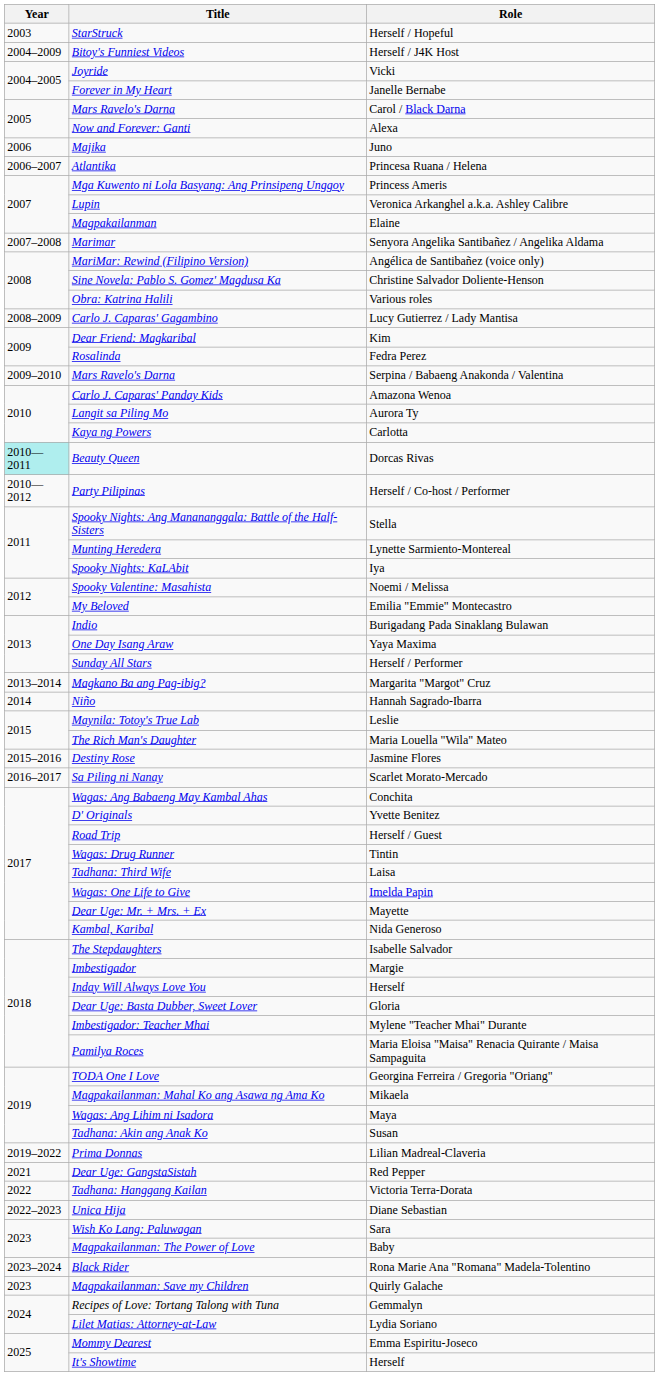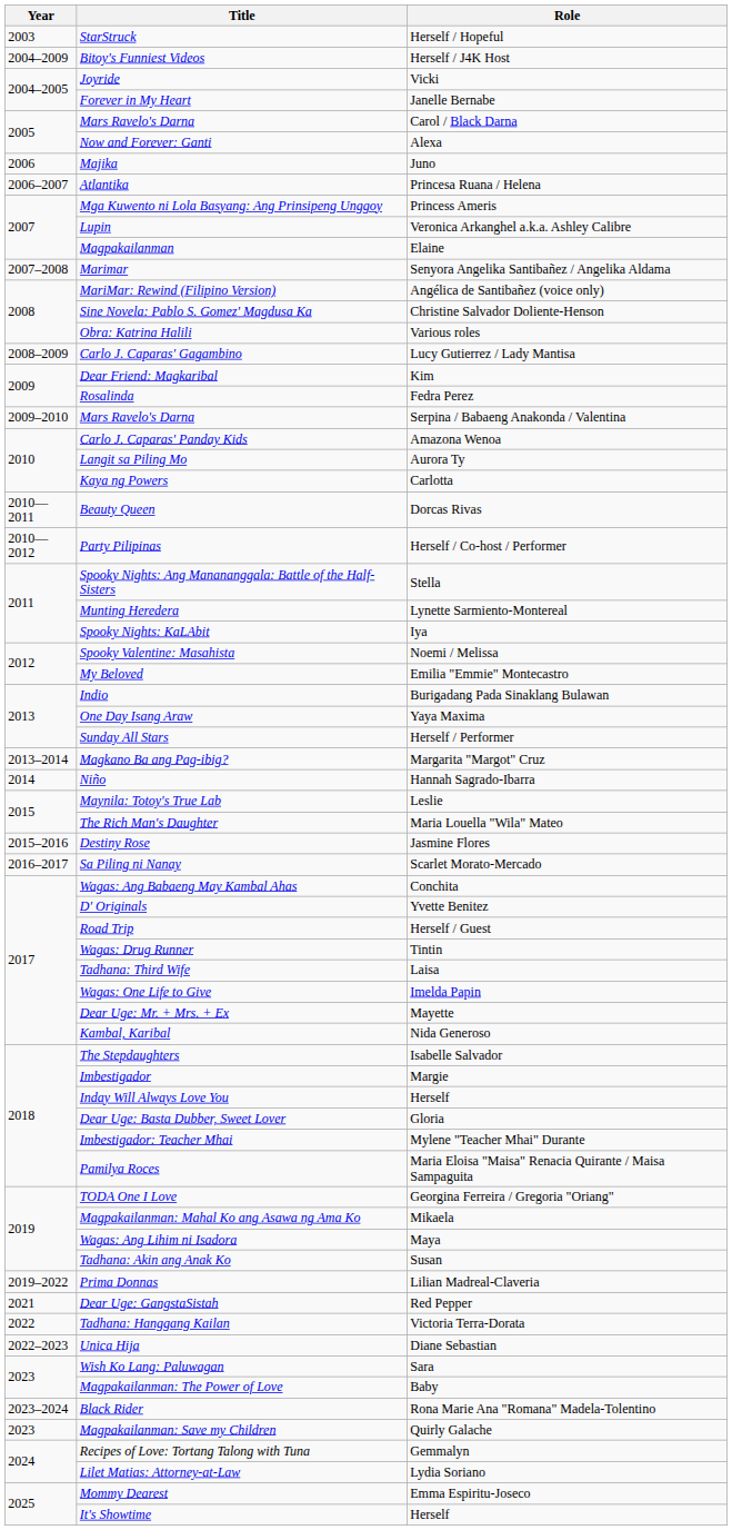 <table class="wikitable sortable">
 <tr>
 <th>Year</th>
 <th>Title</th>
 <th>Role</th>
 </tr>
 <tr>
 <td>2003</td>
 <td><em><a href='#'>StarStruck</a></em></td>
 <td>Herself / Hopeful</td>
 </tr>
 <tr>
 <td>2004–2009</td>
 <td><em><a href='#'>Bitoy's Funniest Videos</a></em></td>
 <td>Herself / J4K Host</td>
 </tr>
 <tr>
 <td rowspan="2">2004–2005</td>
 <td><em><a href='#'>Joyride</a></em></td>
 <td>Vicki</td>
 </tr>
 <tr>
 <td><em><a href='#'>Forever in My Heart</a></em></td>
 <td>Janelle Bernabe</td>
 </tr>
 <tr>
 <td rowspan="2">2005</td>
 <td><em><a href='#'>Mars Ravelo's Darna</a></em></td>
 <td>Carol / <a href='#'>Black Darna</a></td>
 </tr>
 <tr>
 <td><em><a href='#'>Now and Forever: Ganti</a></em></td>
 <td>Alexa</td>
 </tr>
 <tr>
 <td>2006</td>
 <td><em><a href='#'>Majika</a></em></td>
 <td>Juno</td>
 </tr>
 <tr>
 <td>2006–2007</td>
 <td><em><a href='#'>Atlantika</a></em></td>
 <td>Princesa Ruana / Helena</td>
 </tr>
 <tr>
 <td rowspan="3">2007</td>
 <td><a href='#'><em>Mga Kuwento ni Lola Basyang: Ang Prinsipeng Unggoy</em></a></td>
 <td>Princess Ameris</td>
 </tr>
 <tr>
 <td><em><a href='#'>Lupin</a></em></td>
 <td>Veronica Arkanghel a.k.a. Ashley Calibre</td>
 </tr>
 <tr>
 <td><em><a href='#'>Magpakailanman</a></em></td>
 <td>Elaine</td>
 </tr>
 <tr>
 <td>2007–2008</td>
 <td><em><a href='#'>Marimar</a></em></td>
 <td>Senyora Angelika Santibañez / Angelika Aldama</td>
 </tr>
 <tr>
 <td rowspan="3">2008</td>
 <td><a href='#'><em>MariMar: Rewind (Filipino Version)</em></a></td>
 <td>Angélica de Santibañez (voice only) </td>
 </tr>
 <tr>
 <td><em><a href='#'>Sine Novela: Pablo S. Gomez' Magdusa Ka</a></em></td>
 <td>Christine Salvador Doliente-Henson</td>
 </tr>
 <tr>
 <td><a href='#'><em>Obra: Katrina Halili</em></a></td>
 <td>Various roles</td>
 </tr>
 <tr>
 <td>2008–2009</td>
 <td><em><a href='#'>Carlo J. Caparas' Gagambino</a></em></td>
 <td>Lucy Gutierrez / Lady Mantisa</td>
 </tr>
 <tr>
 <td rowspan="2">2009</td>
 <td><a href='#'><em>Dear Friend: Magkaribal</em></a></td>
 <td>Kim</td>
 </tr>
 <tr>
 <td><em><a href='#'>Rosalinda</a></em></td>
 <td>Fedra Perez</td>
 </tr>
 <tr>
 <td>2009–2010</td>
 <td><em><a href='#'>Mars Ravelo's Darna</a></em></td>
 <td>Serpina / Babaeng Anakonda / Valentina</td>
 </tr>
 <tr>
 <td rowspan="3">2010</td>
 <td><em><a href='#'>Carlo J. Caparas' Panday Kids</a></em></td>
 <td>Amazona Wenoa</td>
 </tr>
 <tr>
 <td><em><a href='#'>Langit sa Piling Mo</a></em></td>
 <td>Aurora Ty</td>
 </tr>
 <tr>
 <td><em><a href='#'>Kaya ng Powers</a></em></td>
 <td>Carlotta</td>
 </tr>
 <tr>
-<td style="background: paleturquoise;">2010—2011</td>
+<td>2010—2011</td>
 <td><em><a href='#'>Beauty Queen</a></em></td>
 <td>Dorcas Rivas</td>
 </tr>
 <tr>
 <td>2010—2012</td>
 <td><em><a href='#'>Party Pilipinas</a></em></td>
 <td>Herself / Co-host / Performer</td>
 </tr>
 <tr>
 <td rowspan="3">2011</td>
 <td><a href='#'><em>Spooky Nights: Ang Manananggala: Battle of the Half-Sisters</em></a></td>
 <td>Stella</td>
 </tr>
 <tr>
 <td><em><a href='#'>Munting Heredera</a></em></td>
 <td>Lynette Sarmiento-Montereal</td>
 </tr>
 <tr>
 <td><a href='#'><em>Spooky Nights: KaLAbit</em></a></td>
 <td>Iya</td>
 </tr>
 <tr>
 <td rowspan="2">2012</td>
 <td><a href='#'><em>Spooky Valentine: Masahista</em></a></td>
 <td>Noemi / Melissa</td>
 </tr>
 <tr>
 <td><em><a href='#'>My Beloved</a></em></td>
 <td>Emilia "Emmie" Montecastro</td>
 </tr>
 <tr>
 <td rowspan="3">2013</td>
 <td><em><a href='#'>Indio</a></em></td>
 <td>Burigadang Pada Sinaklang Bulawan</td>
 </tr>
 <tr>
 <td><em><a href='#'>One Day Isang Araw</a></em></td>
 <td>Yaya Maxima</td>
 </tr>
 <tr>
 <td><em><a href='#'>Sunday All Stars</a></em></td>
 <td>Herself / Performer</td>
 </tr>
 <tr>
 <td>2013–2014</td>
 <td><em><a href='#'>Magkano Ba ang Pag-ibig?</a></em></td>
 <td>Margarita "Margot" Cruz</td>
 </tr>
 <tr>
 <td>2014</td>
 <td><em><a href='#'>Niño</a></em></td>
 <td>Hannah Sagrado-Ibarra</td>
 </tr>
 <tr>
 <td rowspan="2">2015</td>
 <td><a href='#'><em>Maynila: Totoy's True Lab</em></a></td>
 <td>Leslie</td>
 </tr>
 <tr>
 <td><em><a href='#'>The Rich Man's Daughter</a></em></td>
 <td>Maria Louella "Wila" Mateo</td>
 </tr>
 <tr>
 <td>2015–2016</td>
 <td><em><a href='#'>Destiny Rose</a></em></td>
 <td>Jasmine Flores</td>
 </tr>
 <tr>
 <td>2016–2017</td>
 <td><em><a href='#'>Sa Piling ni Nanay</a></em></td>
 <td>Scarlet Morato-Mercado</td>
 </tr>
 <tr>
 <td rowspan="8">2017</td>
 <td><a href='#'><em>Wagas: Ang Babaeng May Kambal Ahas</em></a></td>
 <td>Conchita</td>
 </tr>
 <tr>
 <td><em><a href='#'>D' Originals</a></em></td>
 <td>Yvette Benitez</td>
 </tr>
 <tr>
 <td><a href='#'><em>Road Trip</em></a></td>
 <td>Herself / Guest</td>
 </tr>
 <tr>
 <td><a href='#'><em>Wagas: Drug Runner</em></a></td>
 <td>Tintin</td>
 </tr>
 <tr>
 <td><a href='#'><em>Tadhana: Third Wife</em></a></td>
 <td>Laisa</td>
 </tr>
 <tr>
 <td><a href='#'><em>Wagas: One Life to Give</em></a></td>
 <td><a href='#'>Imelda Papin</a></td>
 </tr>
 <tr>
 <td><a href='#'><em>Dear Uge: Mr. + Mrs. + Ex</em></a></td>
 <td>Mayette</td>
 </tr>
 <tr>
 <td><em><a href='#'>Kambal, Karibal</a></em></td>
 <td>Nida Generoso</td>
 </tr>
 <tr>
 <td rowspan="6">2018</td>
 <td><em><a href='#'>The Stepdaughters</a></em></td>
 <td>Isabelle Salvador</td>
 </tr>
 <tr>
 <td><em><a href='#'>Imbestigador</a></em></td>
 <td>Margie</td>
 </tr>
 <tr>
 <td><em><a href='#'>Inday Will Always Love You</a></em></td>
 <td>Herself</td>
 </tr>
 <tr>
 <td><em><a href='#'>Dear Uge: Basta Dubber, Sweet Lover</a></em></td>
 <td>Gloria</td>
 </tr>
 <tr>
 <td><a href='#'><em>Imbestigador: Teacher Mhai</em></a></td>
 <td>Mylene "Teacher Mhai" Durante</td>
 </tr>
 <tr>
 <td><em><a href='#'>Pamilya Roces</a></em></td>
 <td>Maria Eloisa "Maisa" Renacia Quirante / Maisa Sampaguita</td>
 </tr>
 <tr>
 <td rowspan="4">2019</td>
 <td><em><a href='#'>TODA One I Love</a></em></td>
 <td>Georgina Ferreira / Gregoria "Oriang"</td>
 </tr>
 <tr>
 <td><a href='#'><em>Magpakailanman: Mahal Ko ang Asawa ng Ama Ko</em></a></td>
 <td>Mikaela</td>
 </tr>
 <tr>
 <td><a href='#'><em>Wagas: Ang Lihim ni Isadora</em></a></td>
 <td>Maya</td>
 </tr>
 <tr>
 <td><a href='#'><em>Tadhana: Akin ang Anak Ko</em></a></td>
 <td>Susan</td>
 </tr>
 <tr>
 <td>2019–2022</td>
 <td><em><a href='#'>Prima Donnas</a></em></td>
 <td>Lilian Madreal-Claveria</td>
 </tr>
 <tr>
 <td>2021</td>
 <td><em><a href='#'>Dear Uge: GangstaSistah</a></em></td>
 <td>Red Pepper</td>
 </tr>
 <tr>
 <td>2022</td>
 <td><a href='#'><em>Tadhana: Hanggang Kailan</em></a></td>
 <td>Victoria Terra-Dorata</td>
 </tr>
 <tr>
 <td>2022–2023</td>
 <td><em><a href='#'>Unica Hija</a></em></td>
 <td>Diane Sebastian</td>
 </tr>
 <tr>
 <td rowspan="2">2023</td>
 <td><em><a href='#'>Wish Ko Lang: Paluwagan</a></em></td>
 <td>Sara</td>
 </tr>
 <tr>
 <td><em><a href='#'>Magpakailanman: The Power of Love</a></em></td>
 <td>Baby</td>
 </tr>
 <tr>
 <td>2023–2024</td>
 <td><em><a href='#'>Black Rider</a></em></td>
 <td>Rona Marie Ana "Romana" Madela-Tolentino</td>
 </tr>
 <tr>
 <td>2023</td>
 <td><em><a href='#'>Magpakailanman: Save my Children</a></em></td>
 <td>Quirly Galache</td>
 </tr>
 <tr>
 <td rowspan="2">2024</td>
 <td><em>Recipes of Love: Tortang Talong with Tuna</em></td>
 <td>Gemmalyn</td>
 </tr>
 <tr>
 <td><em><a href='#'>Lilet Matias: Attorney-at-Law</a></em></td>
 <td>Lydia Soriano</td>
 </tr>
 <tr>
 <td rowspan="2">2025</td>
 <td><em><a href='#'>Mommy Dearest</a></em></td>
 <td>Emma Espiritu-Joseco</td>
 </tr>
 <tr>
 <td><em><a href='#'>It's Showtime</a></em></td>
 <td>Herself</td>
 </tr>
 </table>
